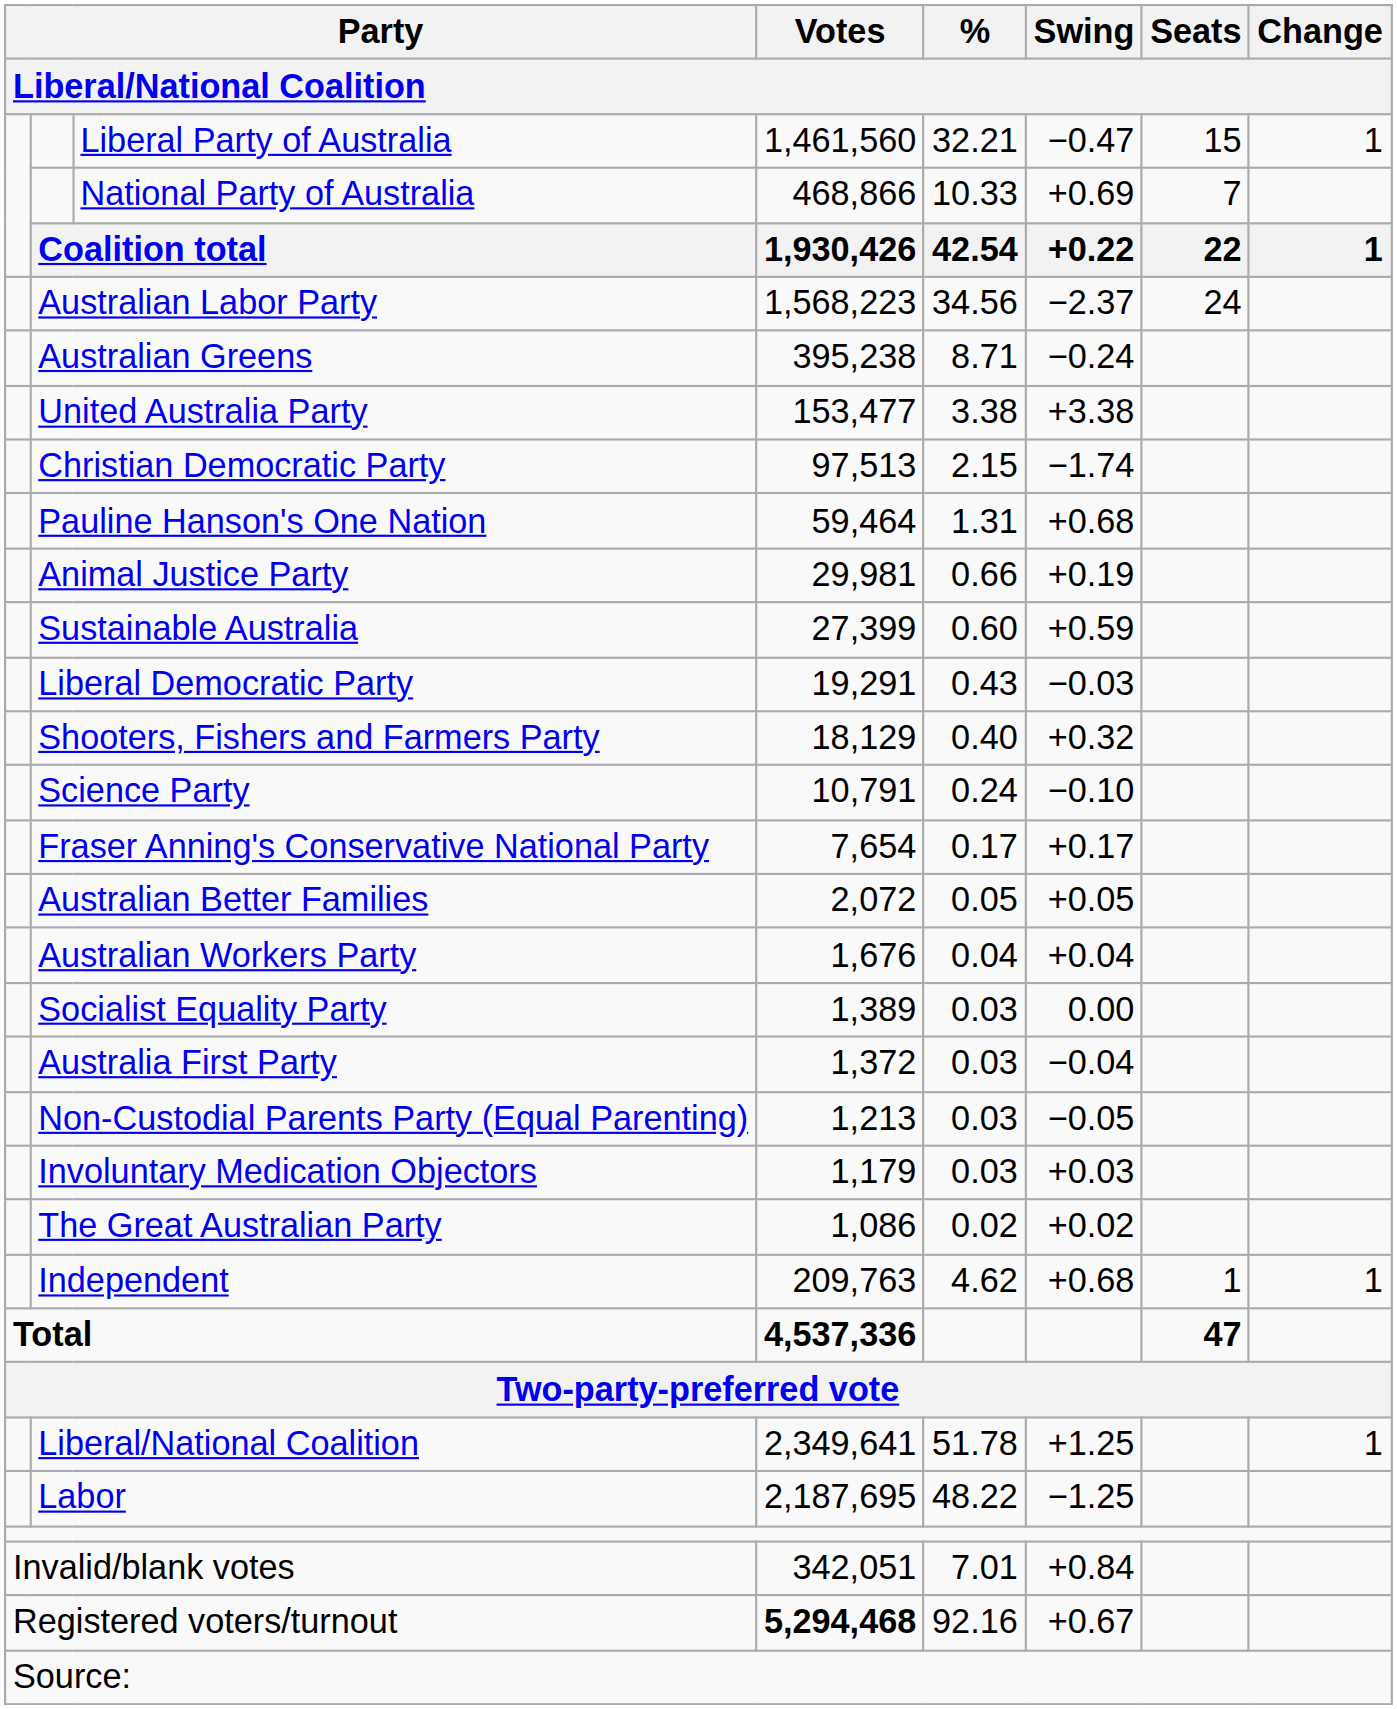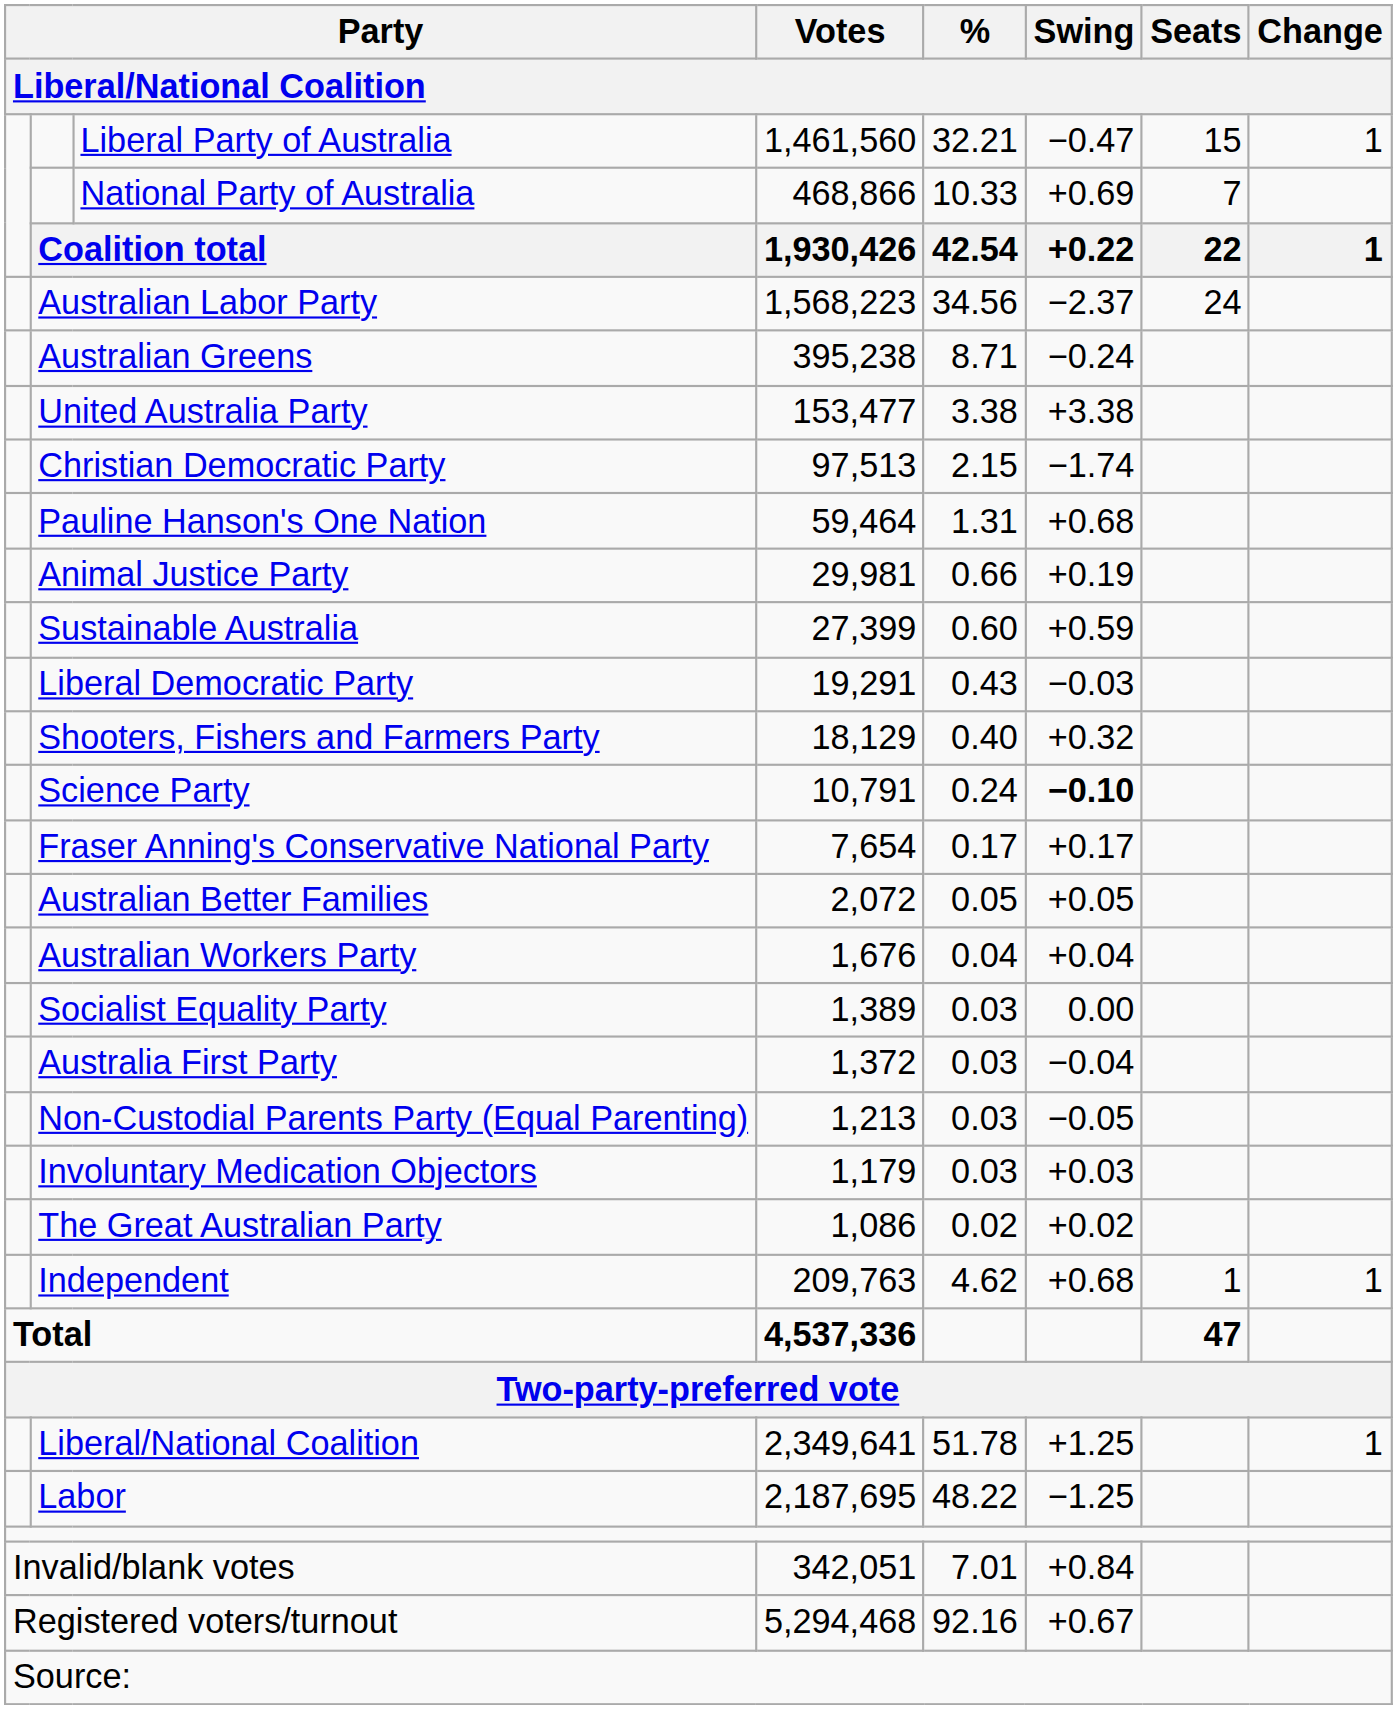 <table class="wikitable">
 <tr>
 <th colspan="3" style="width:200px">Party</th>
 <th style="width:70px; text-align:center;">Votes</th>
 <th style="width:40px; text-align:center;">%</th>
 <th style="width:40px; text-align:center;">Swing</th>
 <th style="width:40px; text-align:center;">Seats</th>
 <th style="width:40px; text-align:center;">Change</th>
 </tr>
 <tr>
 <th colspan="8" style="text-align:left;"><a href='#'>Liberal/National Coalition</a></th>
 </tr>
 <tr>
 <td rowspan="3"> </td>
 <td> </td>
 <td><a href='#'>Liberal Party of Australia</a></td>
 <td align="right">1,461,560</td>
 <td align="right">32.21</td>
 <td align="right">−0.47</td>
 <td align="right">15</td>
 <td align="right"> 1</td>
 </tr>
 <tr>
 <td> </td>
 <td><a href='#'>National Party of Australia</a></td>
 <td align="right">468,866</td>
 <td align="right">10.33</td>
 <td align="right">+0.69</td>
 <td align="right">7</td>
 <td align="right"></td>
 </tr>
 <tr>
 <th colspan="2" style="text-align:left;"><a href='#'>Coalition total</a></th>
 <th style="text-align:right;">1,930,426</th>
 <th style="text-align:right;">42.54</th>
 <th style="text-align:right;">+0.22</th>
 <th style="text-align:right;">22</th>
 <th style="text-align:right;"> 1</th>
 </tr>
 <tr>
 <td> </td>
 <td colspan="2"><a href='#'>Australian Labor Party</a></td>
 <td align="right">1,568,223</td>
 <td align="right">34.56</td>
 <td align="right">−2.37</td>
 <td align="right">24</td>
 <td align="right"></td>
 </tr>
 <tr>
 <td> </td>
 <td colspan="2"><a href='#'>Australian Greens</a></td>
 <td align="right">395,238</td>
 <td align="right">8.71</td>
 <td align="right">−0.24</td>
 <td align="right"></td>
 <td align="right"></td>
 </tr>
 <tr>
 <td> </td>
 <td colspan="2"><a href='#'>United Australia Party</a></td>
 <td align="right">153,477</td>
 <td align="right">3.38</td>
 <td align="right">+3.38</td>
 <td align="right"></td>
 <td align="right"></td>
 </tr>
 <tr>
 <td> </td>
 <td colspan="2"><a href='#'>Christian Democratic Party</a></td>
 <td align="right">97,513</td>
 <td align="right">2.15</td>
 <td align="right">−1.74</td>
 <td align="right"></td>
 <td align="right"></td>
 </tr>
 <tr>
 <td> </td>
 <td colspan="2"><a href='#'>Pauline Hanson's One Nation</a></td>
 <td align="right">59,464</td>
 <td align="right">1.31</td>
 <td align="right">+0.68</td>
 <td align="right"></td>
 <td align="right"></td>
 </tr>
 <tr>
 <td> </td>
 <td colspan="2"><a href='#'>Animal Justice Party</a></td>
 <td align="right">29,981</td>
 <td align="right">0.66</td>
 <td align="right">+0.19</td>
 <td align="right"></td>
 <td align="right"></td>
 </tr>
 <tr>
 <td> </td>
 <td colspan="2"><a href='#'>Sustainable Australia</a></td>
 <td align="right">27,399</td>
 <td align="right">0.60</td>
 <td align="right">+0.59</td>
 <td align="right"></td>
 <td align="right"></td>
 </tr>
 <tr>
 <td> </td>
 <td colspan="2"><a href='#'>Liberal Democratic Party</a></td>
 <td align="right">19,291</td>
 <td align="right">0.43</td>
 <td align="right">−0.03</td>
 <td align="right"></td>
 <td align="right"></td>
 </tr>
 <tr>
 <td> </td>
 <td colspan="2"><a href='#'>Shooters, Fishers and Farmers Party</a></td>
 <td align="right">18,129</td>
 <td align="right">0.40</td>
 <td align="right">+0.32</td>
 <td align="right"></td>
 <td align="right"></td>
 </tr>
 <tr>
 <td> </td>
 <td colspan="2"><a href='#'>Science Party</a></td>
 <td align="right">10,791</td>
 <td align="right">0.24</td>
-<td align="right">−0.10</td>
+<td align="right"><strong>−0.10</strong></td>
 <td align="right"></td>
 <td align="right"></td>
 </tr>
 <tr>
 <td> </td>
 <td colspan="2"><a href='#'>Fraser Anning's Conservative National Party</a></td>
 <td align="right">7,654</td>
 <td align="right">0.17</td>
 <td align="right">+0.17</td>
 <td align="right"></td>
 <td align="right"></td>
 </tr>
 <tr>
 <td> </td>
 <td colspan="2"><a href='#'>Australian Better Families</a></td>
 <td align="right">2,072</td>
 <td align="right">0.05</td>
 <td align="right">+0.05</td>
 <td align="right"></td>
 <td align="right"></td>
 </tr>
 <tr>
 <td> </td>
 <td colspan="2"><a href='#'>Australian Workers Party</a></td>
 <td align="right">1,676</td>
 <td align="right">0.04</td>
 <td align="right">+0.04</td>
 <td align="right"></td>
 <td align="right"></td>
 </tr>
 <tr>
 <td> </td>
 <td colspan="2"><a href='#'>Socialist Equality Party</a></td>
 <td align="right">1,389</td>
 <td align="right">0.03</td>
 <td align="right">0.00</td>
 <td align="right"></td>
 <td align="right"></td>
 </tr>
 <tr>
 <td> </td>
 <td colspan="2"><a href='#'>Australia First Party</a></td>
 <td align="right">1,372</td>
 <td align="right">0.03</td>
 <td align="right">−0.04</td>
 <td align="right"></td>
 <td align="right"></td>
 </tr>
 <tr>
 <td> </td>
 <td colspan="2"><a href='#'>Non-Custodial Parents Party (Equal Parenting)</a></td>
 <td align="right">1,213</td>
 <td align="right">0.03</td>
 <td align="right">−0.05</td>
 <td align="right"></td>
 <td align="right"></td>
 </tr>
 <tr>
 <td> </td>
 <td colspan="2"><a href='#'>Involuntary Medication Objectors</a></td>
 <td align="right">1,179</td>
 <td align="right">0.03</td>
 <td align="right">+0.03</td>
 <td align="right"></td>
 <td align="right"></td>
 </tr>
 <tr>
 <td> </td>
 <td colspan="2"><a href='#'>The Great Australian Party</a></td>
 <td align="right">1,086</td>
 <td align="right">0.02</td>
 <td align="right">+0.02</td>
 <td align="right"></td>
 <td align="right"></td>
 </tr>
 <tr>
 <td> </td>
 <td colspan="2"><a href='#'>Independent</a></td>
 <td align="right">209,763</td>
 <td align="right">4.62</td>
 <td align="right">+0.68</td>
 <td align="right">1</td>
 <td align="right"> 1</td>
 </tr>
 <tr>
 <td colspan="3" align="left"><strong>Total</strong></td>
 <td align="right"><strong>4,537,336</strong></td>
 <td align="right"></td>
 <td align="right"></td>
 <td align="right"><strong>47</strong></td>
 <td align="right"></td>
 </tr>
 <tr>
 <th colspan="8"><a href='#'>Two-party-preferred vote</a></th>
 </tr>
 <tr>
 <td> </td>
 <td colspan="2" style="text-align:left;"><a href='#'>Liberal/National Coalition</a></td>
 <td align="right">2,349,641</td>
 <td align="right">51.78</td>
 <td align="right">+1.25</td>
 <td align="right"></td>
 <td align="right"> 1</td>
 </tr>
 <tr>
 <td> </td>
 <td colspan="2" style="text-align:left;"><a href='#'>Labor</a></td>
 <td align="right">2,187,695</td>
 <td align="right">48.22</td>
 <td align="right">−1.25</td>
 <td align="right"></td>
 <td align="right"></td>
 </tr>
 <tr>
 <td colspan="8"></td>
 </tr>
 <tr>
 <td colspan="3" align="left">Invalid/blank votes</td>
 <td align="right">342,051</td>
 <td align="right">7.01</td>
 <td align="right">+0.84</td>
 <td></td>
 <td></td>
 </tr>
 <tr>
 <td colspan="3" align="left">Registered voters/turnout</td>
-<td align="right"><strong>5,294,468</strong></td>
+<td align="right">5,294,468</td>
 <td align="right">92.16</td>
 <td align="right">+0.67</td>
 <td></td>
 <td></td>
 </tr>
 <tr>
 <td colspan="8" align="left">Source: </td>
 </tr>
 </table>
